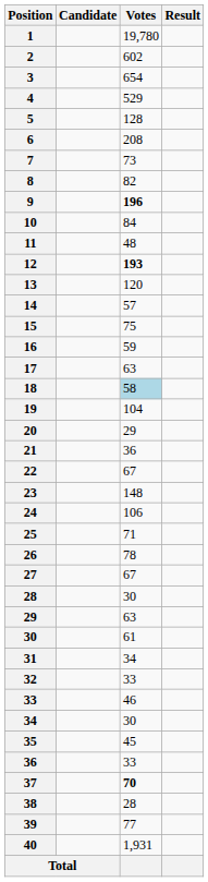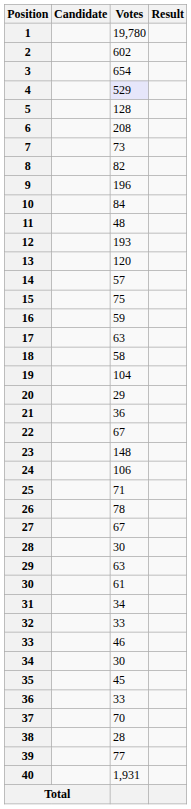 <table class="wikitable sortable col3right">
 <tr>
 <th scope="col">Position</th>
 <th scope="col">Candidate</th>
 <th scope="col">Votes</th>
 <th scope="col">Result</th>
 </tr>
 <tr>
 <th scope="row">1</th>
 <td></td>
 <td>19,780</td>
 <td></td>
 </tr>
 <tr>
 <th scope="row">2</th>
 <td></td>
 <td>602</td>
 <td></td>
 </tr>
 <tr>
 <th scope="row">3</th>
 <td></td>
 <td>654</td>
 <td></td>
 </tr>
 <tr>
 <th scope="row">4</th>
 <td></td>
-<td>529</td>
+<td style="background: lavender;">529</td>
 <td></td>
 </tr>
 <tr>
 <th scope="row">5</th>
 <td></td>
 <td>128</td>
 <td></td>
 </tr>
 <tr>
 <th scope="row">6</th>
 <td></td>
 <td>208</td>
 <td></td>
 </tr>
 <tr>
 <th scope="row">7</th>
 <td></td>
 <td>73</td>
 <td></td>
 </tr>
 <tr>
 <th scope="row">8</th>
 <td></td>
 <td>82</td>
 <td></td>
 </tr>
 <tr>
 <th scope="row">9</th>
 <td></td>
-<td><strong>196</strong></td>
+<td>196</td>
 <td></td>
 </tr>
 <tr>
 <th scope="row">10</th>
 <td></td>
 <td>84</td>
 <td></td>
 </tr>
 <tr>
 <th scope="row">11</th>
 <td></td>
 <td>48</td>
 <td></td>
 </tr>
 <tr>
 <th scope="row">12</th>
 <td></td>
-<td><strong>193</strong></td>
+<td>193</td>
 <td></td>
 </tr>
 <tr>
 <th scope="row">13</th>
 <td></td>
 <td>120</td>
 <td></td>
 </tr>
 <tr>
 <th scope="row">14</th>
 <td></td>
 <td>57</td>
 <td></td>
 </tr>
 <tr>
 <th scope="row">15</th>
 <td></td>
 <td>75</td>
 <td></td>
 </tr>
 <tr>
 <th scope="row">16</th>
 <td></td>
 <td>59</td>
 <td></td>
 </tr>
 <tr>
 <th scope="row">17</th>
 <td></td>
 <td>63</td>
 <td></td>
 </tr>
 <tr>
 <th scope="row">18</th>
 <td></td>
-<td style="background: lightblue;">58</td>
+<td>58</td>
 <td></td>
 </tr>
 <tr>
 <th scope="row">19</th>
 <td></td>
 <td>104</td>
 <td></td>
 </tr>
 <tr>
 <th scope="row">20</th>
 <td></td>
 <td>29</td>
 <td></td>
 </tr>
 <tr>
 <th scope="row">21</th>
 <td></td>
 <td>36</td>
 <td></td>
 </tr>
 <tr>
 <th scope="row">22</th>
 <td></td>
 <td>67</td>
 <td></td>
 </tr>
 <tr>
 <th scope="row">23</th>
 <td></td>
 <td>148</td>
 <td></td>
 </tr>
 <tr>
 <th scope="row">24</th>
 <td></td>
 <td>106</td>
 <td></td>
 </tr>
 <tr>
 <th scope="row">25</th>
 <td></td>
 <td>71</td>
 <td></td>
 </tr>
 <tr>
 <th scope="row">26</th>
 <td></td>
 <td>78</td>
 <td></td>
 </tr>
 <tr>
 <th scope="row">27</th>
 <td></td>
 <td>67</td>
 <td></td>
 </tr>
 <tr>
 <th scope="row">28</th>
 <td></td>
 <td>30</td>
 <td></td>
 </tr>
 <tr>
 <th scope="row">29</th>
 <td></td>
 <td>63</td>
 <td></td>
 </tr>
 <tr>
 <th scope="row">30</th>
 <td></td>
 <td>61</td>
 <td></td>
 </tr>
 <tr>
 <th scope="row">31</th>
 <td></td>
 <td>34</td>
 <td></td>
 </tr>
 <tr>
 <th scope="row">32</th>
 <td></td>
 <td>33</td>
 <td></td>
 </tr>
 <tr>
 <th scope="row">33</th>
 <td></td>
 <td>46</td>
 <td></td>
 </tr>
 <tr>
 <th scope="row">34</th>
 <td></td>
 <td>30</td>
 <td></td>
 </tr>
 <tr>
 <th scope="row">35</th>
 <td></td>
 <td>45</td>
 <td></td>
 </tr>
 <tr>
 <th scope="row">36</th>
 <td></td>
 <td>33</td>
 <td></td>
 </tr>
 <tr>
 <th scope="row">37</th>
 <td></td>
-<td><strong>70</strong></td>
+<td>70</td>
 <td></td>
 </tr>
 <tr>
 <th scope="row">38</th>
 <td></td>
 <td>28</td>
 <td></td>
 </tr>
 <tr>
 <th scope="row">39</th>
 <td></td>
 <td>77</td>
 <td></td>
 </tr>
 <tr>
 <th scope="row">40</th>
 <td></td>
 <td>1,931</td>
 <td></td>
 </tr>
 <tr class="sortbottom">
 <th scope="row" colspan="2">Total</th>
 <th></th>
 <th></th>
 </tr>
 </table>
